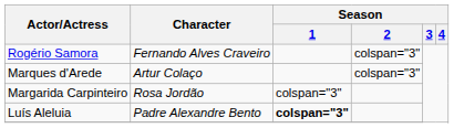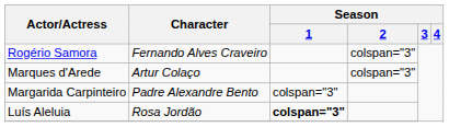 <table class="wikitable sortable">
 <tr>
 <th rowspan="2">Actor/Actress</th>
 <th rowspan="2">Character</th>
 <th colspan="4">Season</th>
 </tr>
 <tr>
 <th><a href='#'>1</a></th>
 <th><a href='#'>2</a></th>
 <th><a href='#'>3</a></th>
 <th><a href='#'>4</a></th>
 </tr>
 <tr>
 <td><a href='#'>Rogério Samora</a></td>
 <td><em>Fernando Alves Craveiro</em></td>
 <td></td>
 <td>colspan="3" </td>
 </tr>
 <tr>
 <td>Marques d'Arede</td>
 <td><em>Artur Colaço</em></td>
 <td></td>
 <td>colspan="3" </td>
 </tr>
 <tr>
 <td>Margarida Carpinteiro</td>
-<td><em>Rosa Jordão</em></td>
+<td><em>Padre Alexandre Bento</em></td>
 <td>colspan="3" </td>
 <td></td>
 </tr>
 <tr>
 <td>Luís Aleluia</td>
-<td><em>Padre Alexandre Bento</em></td>
+<td><em>Rosa Jordão</em></td>
 <td><strong>colspan="3" </strong></td>
 <td></td>
 </tr>
 <tr>
 </tr>
 </table>
